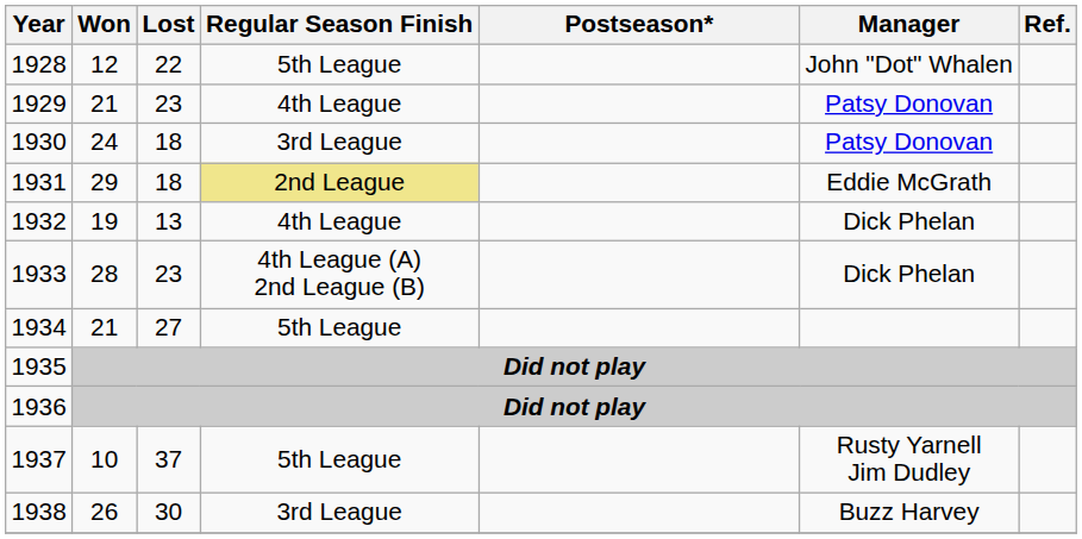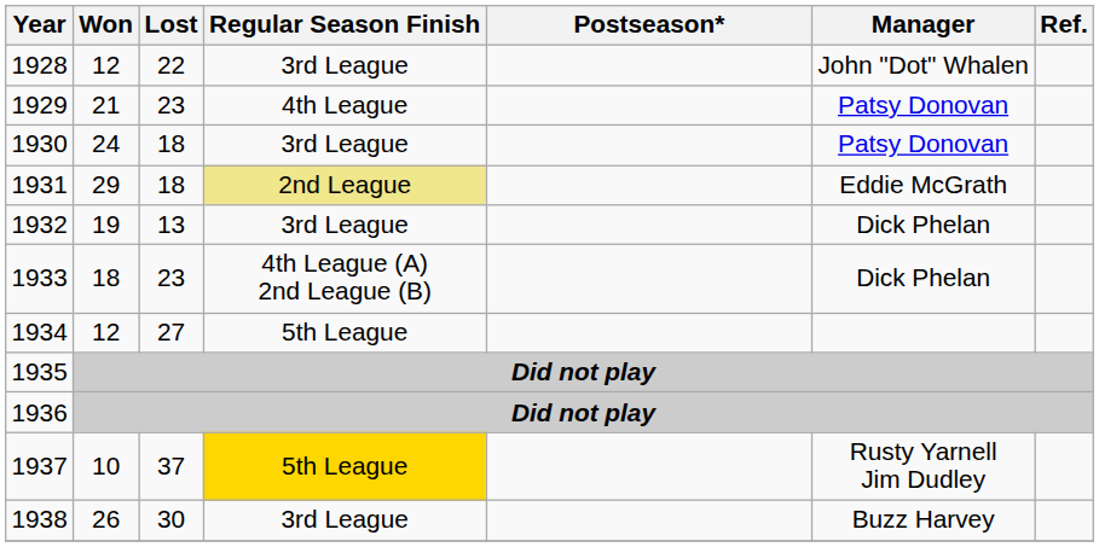 <table class="wikitable" style="text-align:center">
 <tr>
 <th>Year</th>
 <th>Won</th>
 <th>Lost</th>
 <th>Regular Season Finish</th>
 <th scope="col" style="width: 200px; ">Postseason*</th>
 <th>Manager</th>
 <th>Ref.</th>
 </tr>
 <tr>
 <td>1928</td>
 <td>12</td>
 <td>22</td>
-<td>5th League</td>
+<td>3rd League</td>
 <td></td>
 <td>John "Dot" Whalen</td>
 <td></td>
 </tr>
 <tr>
 <td>1929</td>
 <td>21</td>
 <td>23</td>
 <td>4th League</td>
 <td></td>
 <td><a href='#'>Patsy Donovan</a></td>
 <td></td>
 </tr>
 <tr>
 <td>1930</td>
 <td>24</td>
 <td>18</td>
 <td>3rd League</td>
 <td></td>
 <td><a href='#'>Patsy Donovan</a></td>
 <td></td>
 </tr>
 <tr>
 <td>1931</td>
 <td>29</td>
 <td>18</td>
 <td style="background: khaki;">2nd League</td>
 <td></td>
 <td>Eddie McGrath</td>
 <td></td>
 </tr>
 <tr>
 <td>1932</td>
 <td>19</td>
 <td>13</td>
-<td>4th League</td>
+<td>3rd League</td>
 <td></td>
 <td>Dick Phelan</td>
 <td></td>
 </tr>
 <tr>
 <td>1933</td>
-<td>28</td>
+<td>18</td>
 <td>23</td>
 <td>4th League (A)<br>2nd League (B)</td>
 <td></td>
 <td>Dick Phelan</td>
 <td><br></td>
 </tr>
 <tr>
 <td>1934</td>
-<td>21</td>
+<td>12</td>
 <td>27</td>
 <td>5th League</td>
 <td></td>
 <td></td>
 <td></td>
 </tr>
 <tr>
 <td>1935</td>
 <td colspan="6" align="center" bgcolor=#cccccc><strong><em>Did not play</em></strong></td>
 </tr>
 <tr>
 <td>1936</td>
 <td colspan="6" align="center" bgcolor=#cccccc><strong><em>Did not play</em></strong></td>
 </tr>
 <tr>
 <td>1937</td>
 <td>10</td>
 <td>37</td>
-<td>5th League</td>
+<td style="background: gold;">5th League</td>
 <td></td>
 <td>Rusty Yarnell<br>Jim Dudley</td>
 <td></td>
 </tr>
 <tr>
 <td>1938</td>
 <td>26</td>
 <td>30</td>
 <td>3rd League</td>
 <td></td>
 <td>Buzz Harvey</td>
 <td></td>
 </tr>
 <tr>
 </tr>
 </table>
